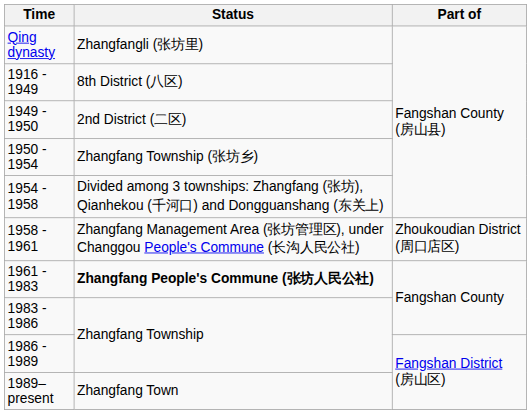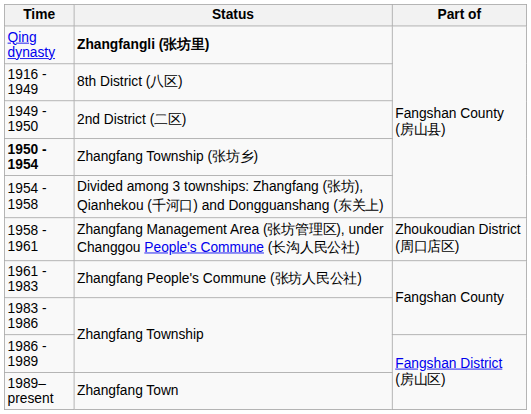 <table class="wikitable">
 <tr>
 <th>Time</th>
 <th>Status</th>
 <th>Part of</th>
 </tr>
 <tr>
 <td><a href='#'>Qing dynasty</a></td>
-<td>Zhangfangli (张坊里)</td>
+<td><strong>Zhangfangli (张坊里)</strong></td>
 <td rowspan="5">Fangshan County (房山县)</td>
 </tr>
 <tr>
 <td>1916 - 1949</td>
 <td>8th District (八区)</td>
 </tr>
 <tr>
 <td>1949 - 1950</td>
 <td>2nd District (二区)</td>
 </tr>
 <tr>
-<td>1950 - 1954</td>
+<td><strong>1950 - 1954</strong></td>
 <td>Zhangfang Township (张坊乡)</td>
 </tr>
 <tr>
 <td>1954 - 1958</td>
 <td>Divided among 3 townships: Zhangfang (张坊), Qianhekou (千河口) and Dongguanshang (东关上)</td>
 </tr>
 <tr>
 <td>1958 - 1961</td>
 <td>Zhangfang Management Area (张坊管理区), under Changgou <a href='#'>People's Commune</a> (长沟人民公社)</td>
 <td>Zhoukoudian District (周口店区)</td>
 </tr>
 <tr>
 <td>1961 - 1983</td>
-<td><strong>Zhangfang People's Commune (张坊人民公社)</strong></td>
+<td>Zhangfang People's Commune (张坊人民公社)</td>
 <td rowspan="2">Fangshan County</td>
 </tr>
 <tr>
 <td>1983 - 1986</td>
 <td rowspan="2">Zhangfang Township</td>
 </tr>
 <tr>
 <td>1986 - 1989</td>
 <td rowspan="2"><a href='#'>Fangshan District</a> (房山区)</td>
 </tr>
 <tr>
 <td>1989–present</td>
 <td>Zhangfang Town</td>
 </tr>
 </table>
